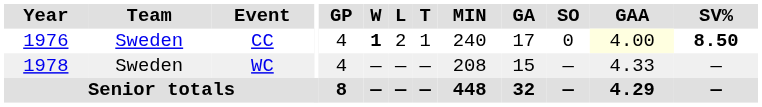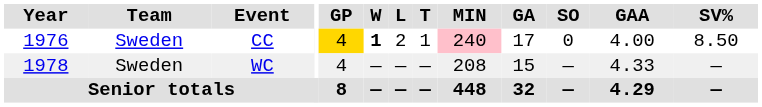 <table border="0" cellpadding="1" cellspacing="0" ID="Table3" style="text-align:center; width:40em">
 <tr ALIGN="center" bgcolor="#e0e0e0">
 <th>Year</th>
 <th>Team</th>
 <th>Event</th>
 <th rowspan="99" bgcolor="#ffffff"></th>
 <th>GP</th>
 <th>W</th>
 <th>L</th>
 <th>T</th>
 <th>MIN</th>
 <th>GA</th>
 <th>SO</th>
 <th>GAA</th>
 <th>SV%</th>
 </tr>
 <tr>
 <td><a href='#'>1976</a></td>
 <td><a href='#'>Sweden</a></td>
 <td><a href='#'>CC</a></td>
-<td>4</td>
+<td style="background: gold;">4</td>
 <td><strong>1</strong></td>
 <td>2</td>
 <td>1</td>
-<td>240</td>
+<td style="background: pink;">240</td>
 <td>17</td>
 <td>0</td>
-<td style="background: lightyellow;">4.00</td>
-<td><strong>8.50</strong></td>
+<td>4.00</td>
+<td>8.50</td>
 </tr>
 <tr bgcolor="#f0f0f0">
 <td><a href='#'>1978</a></td>
 <td>Sweden</td>
 <td><a href='#'>WC</a></td>
 <td>4</td>
 <td>—</td>
 <td>—</td>
 <td>—</td>
 <td>208</td>
 <td>15</td>
 <td>—</td>
 <td>4.33</td>
 <td>—</td>
 </tr>
 <tr bgcolor="#e0e0e0">
 <th colspan=4>Senior totals</th>
 <th>8</th>
 <th>—</th>
 <th>—</th>
 <th>—</th>
 <th>448</th>
 <th>32</th>
 <th>—</th>
 <th>4.29</th>
 <th>—</th>
 </tr>
 </table>
